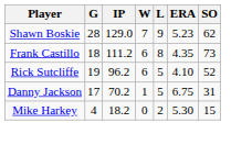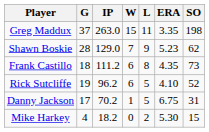 <table class="wikitable sortable" style="text-align:center">
 <tr>
 <th>Player</th>
 <th>G</th>
 <th>IP</th>
 <th>W</th>
 <th>L</th>
 <th>ERA</th>
 <th>SO</th>
+</tr>
+<tr>
+<td><a href='#'>Greg Maddux</a></td>
+<td>37</td>
+<td>263.0</td>
+<td>15</td>
+<td>11</td>
+<td>3.35</td>
+<td>198</td>
 </tr>
 <tr>
 <td><a href='#'>Shawn Boskie</a></td>
 <td>28</td>
 <td>129.0</td>
 <td>7</td>
 <td>9</td>
 <td>5.23</td>
 <td>62</td>
 </tr>
 <tr>
 <td><a href='#'>Frank Castillo</a></td>
 <td>18</td>
 <td>111.2</td>
 <td>6</td>
 <td>8</td>
 <td>4.35</td>
 <td>73</td>
 </tr>
 <tr>
 <td><a href='#'>Rick Sutcliffe</a></td>
 <td>19</td>
 <td>96.2</td>
 <td>6</td>
 <td>5</td>
 <td>4.10</td>
 <td>52</td>
 </tr>
 <tr>
 <td><a href='#'>Danny Jackson</a></td>
 <td>17</td>
 <td>70.2</td>
 <td>1</td>
 <td>5</td>
 <td>6.75</td>
 <td>31</td>
 </tr>
 <tr>
 <td><a href='#'>Mike Harkey</a></td>
 <td>4</td>
 <td>18.2</td>
 <td>0</td>
 <td>2</td>
 <td>5.30</td>
 <td>15</td>
 </tr>
 </table>
